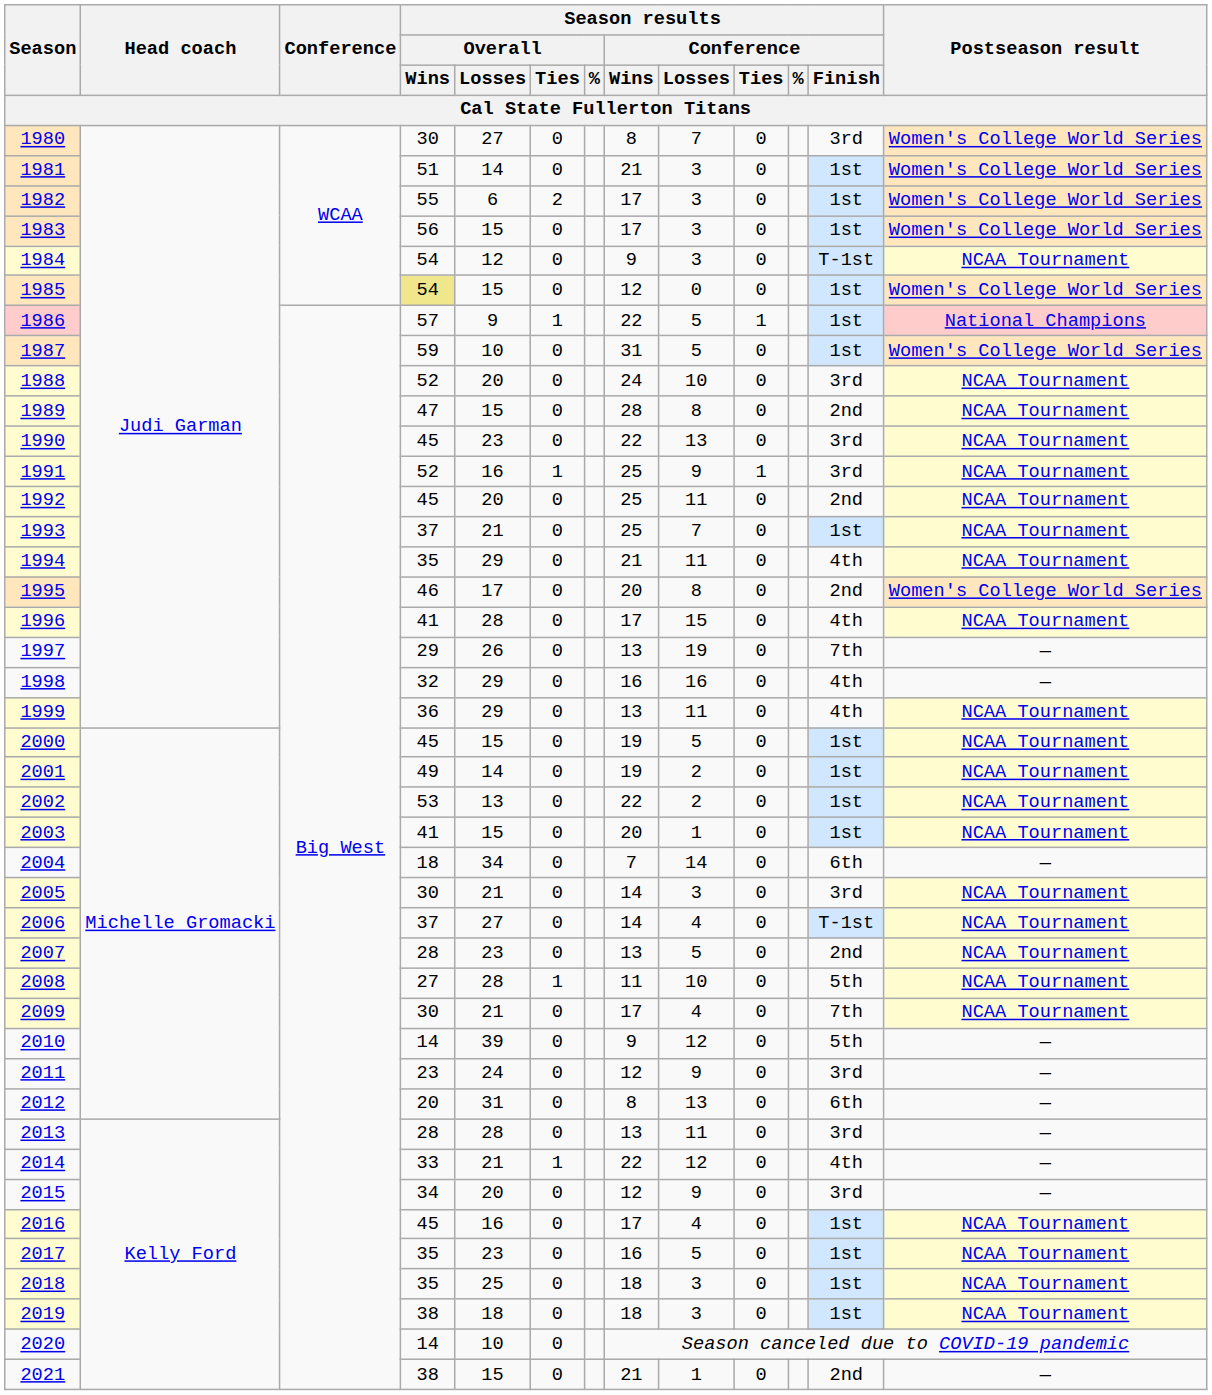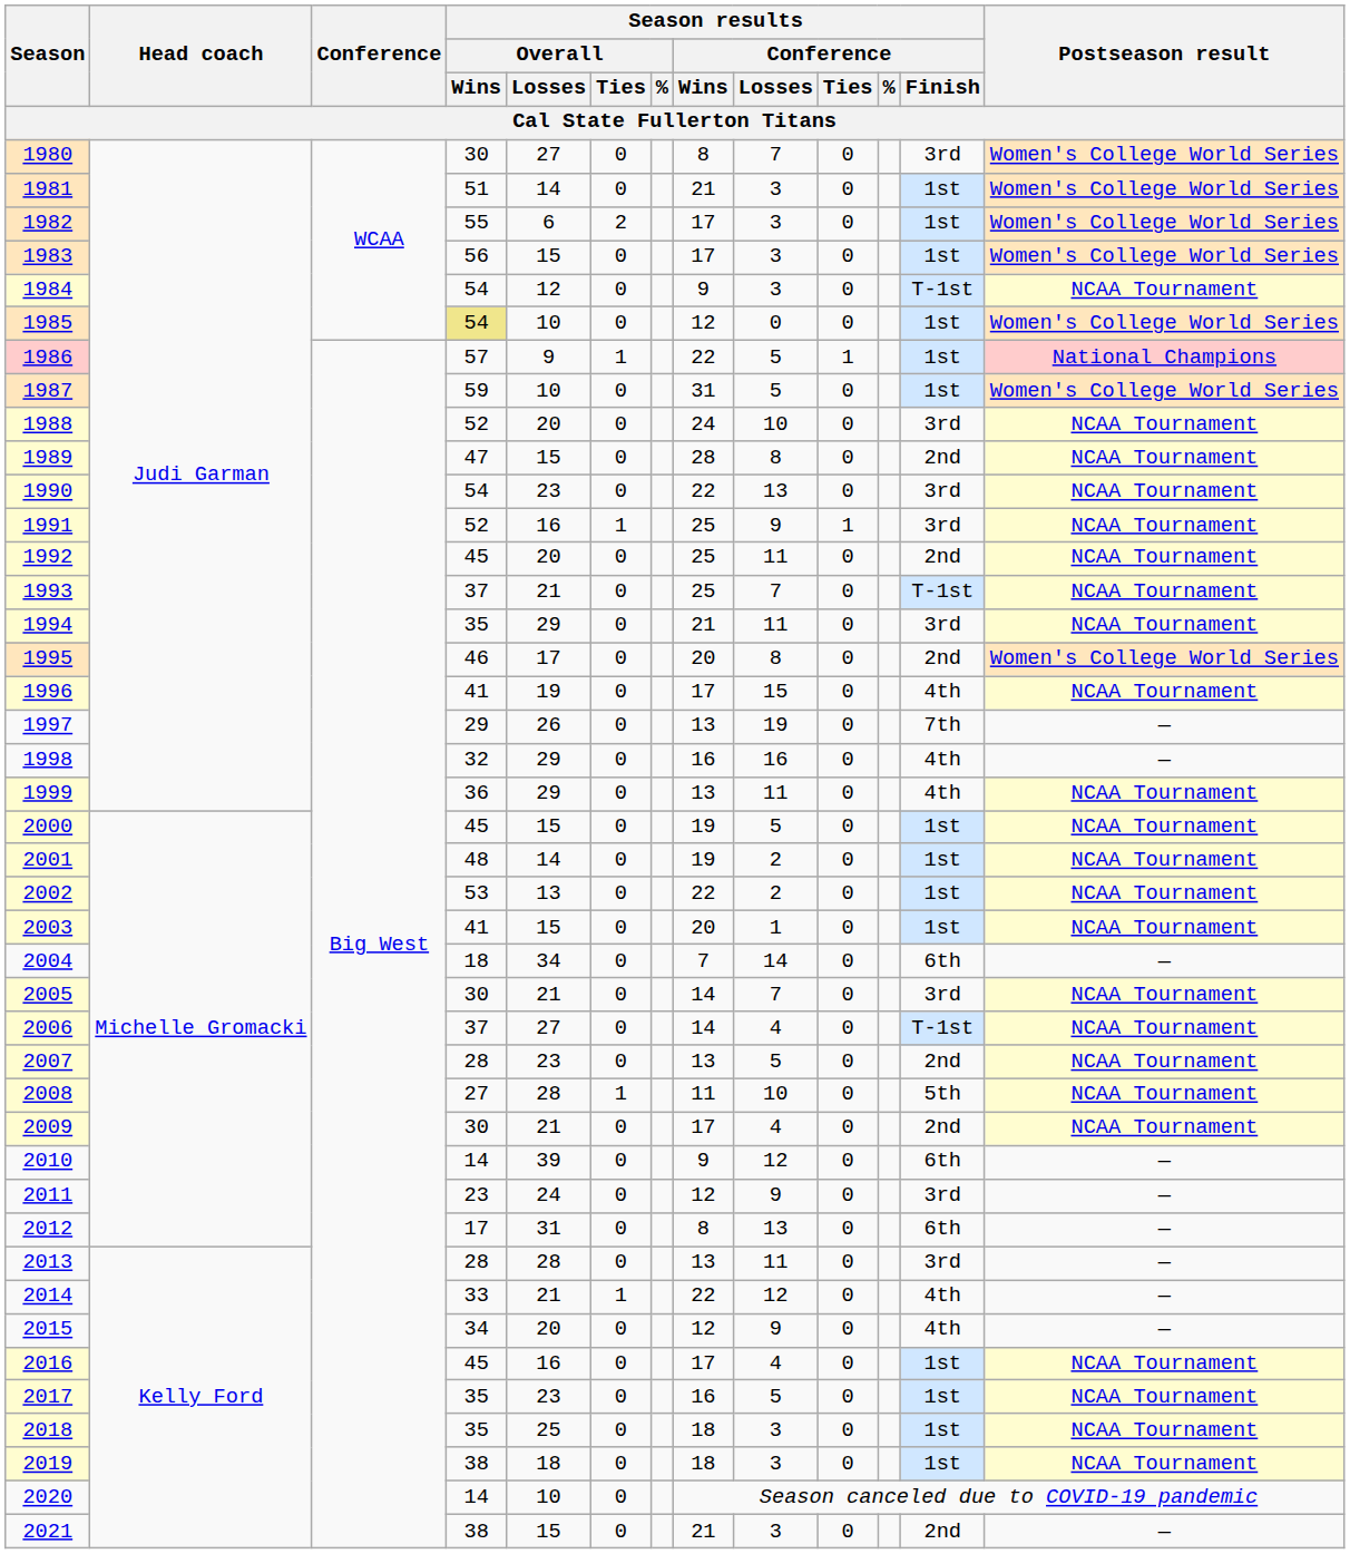 <table class="wikitable" style="font-size: 95%; text-align:center;">
 <tr>
 <th rowspan="3">Season</th>
 <th rowspan="3">Head coach</th>
 <th rowspan="3">Conference</th>
 <th colspan="9">Season results</th>
 <th rowspan="3">Postseason result<br></th>
 </tr>
 <tr>
 <th colspan="4">Overall</th>
 <th colspan="5">Conference</th>
 </tr>
 <tr>
 <th>Wins</th>
 <th>Losses</th>
 <th>Ties</th>
 <th>%</th>
 <th>Wins</th>
 <th>Losses</th>
 <th>Ties</th>
 <th>%</th>
 <th>Finish</th>
 </tr>
 <tr>
 <th colspan=14>Cal State Fullerton Titans</th>
 </tr>
 <tr>
 <td bgcolor="#FFE6BD"><a href='#'>1980</a></td>
 <td rowspan=20><a href='#'>Judi Garman</a></td>
 <td rowspan=6><a href='#'>WCAA</a></td>
 <td>30</td>
 <td>27</td>
 <td>0</td>
 <td></td>
 <td>8</td>
 <td>7</td>
 <td>0</td>
 <td></td>
 <td>3rd</td>
 <td bgcolor="#FFE6BD"><a href='#'>Women's College World Series</a></td>
 </tr>
 <tr>
 <td bgcolor="#FFE6BD"><a href='#'>1981</a></td>
 <td>51</td>
 <td>14</td>
 <td>0</td>
 <td></td>
 <td>21</td>
 <td>3</td>
 <td>0</td>
 <td></td>
 <td bgcolor="#D0E7FF">1st</td>
 <td bgcolor="#FFE6BD"><a href='#'>Women's College World Series</a></td>
 </tr>
 <tr>
 <td bgcolor="#FFE6BD"><a href='#'>1982</a></td>
 <td>55</td>
 <td>6</td>
 <td>2</td>
 <td></td>
 <td>17</td>
 <td>3</td>
 <td>0</td>
 <td></td>
 <td bgcolor="#D0E7FF">1st</td>
 <td bgcolor="#FFE6BD"><a href='#'>Women's College World Series</a></td>
 </tr>
 <tr>
 <td bgcolor="#FFE6BD"><a href='#'>1983</a></td>
 <td>56</td>
 <td>15</td>
 <td>0</td>
 <td></td>
 <td>17</td>
 <td>3</td>
 <td>0</td>
 <td></td>
 <td bgcolor="#D0E7FF">1st</td>
 <td bgcolor="#FFE6BD"><a href='#'>Women's College World Series</a></td>
 </tr>
 <tr>
 <td bgcolor="#FFFDD0"><a href='#'>1984</a></td>
 <td>54</td>
 <td>12</td>
 <td>0</td>
 <td></td>
 <td>9</td>
 <td>3</td>
 <td>0</td>
 <td></td>
 <td bgcolor="#D0E7FF">T-1st</td>
 <td bgcolor="#FFFDD0"><a href='#'>NCAA Tournament</a></td>
 </tr>
 <tr>
 <td bgcolor="#FFE6BD"><a href='#'>1985</a></td>
 <td style="background: khaki;">54</td>
-<td>15</td>
+<td>10</td>
 <td>0</td>
 <td></td>
 <td>12</td>
 <td>0</td>
 <td>0</td>
 <td></td>
 <td bgcolor="#D0E7FF">1st</td>
 <td bgcolor="#FFE6BD"><a href='#'>Women's College World Series</a></td>
 </tr>
 <tr>
 <td bgcolor="#FFCCCC"><a href='#'>1986</a></td>
 <td rowspan=36><a href='#'>Big West</a></td>
 <td>57</td>
 <td>9</td>
 <td>1</td>
 <td></td>
 <td>22</td>
 <td>5</td>
 <td>1</td>
 <td></td>
 <td bgcolor="#D0E7FF">1st</td>
 <td bgcolor="#FFCCCC"><a href='#'>National Champions</a></td>
 </tr>
 <tr>
 <td bgcolor="#FFE6BD"><a href='#'>1987</a></td>
 <td>59</td>
 <td>10</td>
 <td>0</td>
 <td></td>
 <td>31</td>
 <td>5</td>
 <td>0</td>
 <td></td>
 <td bgcolor="#D0E7FF">1st</td>
 <td bgcolor="#FFE6BD"><a href='#'>Women's College World Series</a></td>
 </tr>
 <tr>
 <td bgcolor="#FFFDD0"><a href='#'>1988</a></td>
 <td>52</td>
 <td>20</td>
 <td>0</td>
 <td></td>
 <td>24</td>
 <td>10</td>
 <td>0</td>
 <td></td>
 <td>3rd</td>
 <td bgcolor="#FFFDD0"><a href='#'>NCAA Tournament</a></td>
 </tr>
 <tr>
 <td bgcolor="#FFFDD0"><a href='#'>1989</a></td>
 <td>47</td>
 <td>15</td>
 <td>0</td>
 <td></td>
 <td>28</td>
 <td>8</td>
 <td>0</td>
 <td></td>
 <td>2nd</td>
 <td bgcolor="#FFFDD0"><a href='#'>NCAA Tournament</a></td>
 </tr>
 <tr>
 <td bgcolor="#FFFDD0"><a href='#'>1990</a></td>
-<td>45</td>
+<td>54</td>
 <td>23</td>
 <td>0</td>
 <td></td>
 <td>22</td>
 <td>13</td>
 <td>0</td>
 <td></td>
 <td>3rd</td>
 <td bgcolor="#FFFDD0"><a href='#'>NCAA Tournament</a></td>
 </tr>
 <tr>
 <td bgcolor="#FFFDD0"><a href='#'>1991</a></td>
 <td>52</td>
 <td>16</td>
 <td>1</td>
 <td></td>
 <td>25</td>
 <td>9</td>
 <td>1</td>
 <td></td>
 <td>3rd</td>
 <td bgcolor="#FFFDD0"><a href='#'>NCAA Tournament</a></td>
 </tr>
 <tr>
 <td bgcolor="#FFFDD0"><a href='#'>1992</a></td>
 <td>45</td>
 <td>20</td>
 <td>0</td>
 <td></td>
 <td>25</td>
 <td>11</td>
 <td>0</td>
 <td></td>
 <td>2nd</td>
 <td bgcolor="#FFFDD0"><a href='#'>NCAA Tournament</a></td>
 </tr>
 <tr>
 <td bgcolor="#FFFDD0"><a href='#'>1993</a></td>
 <td>37</td>
 <td>21</td>
 <td>0</td>
 <td></td>
 <td>25</td>
 <td>7</td>
 <td>0</td>
 <td></td>
-<td bgcolor="#D0E7FF">1st</td>
+<td bgcolor="#D0E7FF">T-1st</td>
 <td bgcolor="#FFFDD0"><a href='#'>NCAA Tournament</a></td>
 </tr>
 <tr>
 <td bgcolor="#FFFDD0"><a href='#'>1994</a></td>
 <td>35</td>
 <td>29</td>
 <td>0</td>
 <td></td>
 <td>21</td>
 <td>11</td>
 <td>0</td>
 <td></td>
-<td>4th</td>
+<td>3rd</td>
 <td bgcolor="#FFFDD0"><a href='#'>NCAA Tournament</a></td>
 </tr>
 <tr>
 <td bgcolor="#FFE6BD"><a href='#'>1995</a></td>
 <td>46</td>
 <td>17</td>
 <td>0</td>
 <td></td>
 <td>20</td>
 <td>8</td>
 <td>0</td>
 <td></td>
 <td>2nd</td>
 <td bgcolor="#FFE6BD"><a href='#'>Women's College World Series</a></td>
 </tr>
 <tr>
 <td bgcolor="#FFFDD0"><a href='#'>1996</a></td>
 <td>41</td>
-<td>28</td>
+<td>19</td>
 <td>0</td>
 <td></td>
 <td>17</td>
 <td>15</td>
 <td>0</td>
 <td></td>
 <td>4th</td>
 <td bgcolor="#FFFDD0"><a href='#'>NCAA Tournament</a></td>
 </tr>
 <tr>
 <td><a href='#'>1997</a></td>
 <td>29</td>
 <td>26</td>
 <td>0</td>
 <td></td>
 <td>13</td>
 <td>19</td>
 <td>0</td>
 <td></td>
 <td>7th</td>
 <td>—</td>
 </tr>
 <tr>
 <td><a href='#'>1998</a></td>
 <td>32</td>
 <td>29</td>
 <td>0</td>
 <td></td>
 <td>16</td>
 <td>16</td>
 <td>0</td>
 <td></td>
 <td>4th</td>
 <td>—</td>
 </tr>
 <tr>
 <td bgcolor="#FFFDD0"><a href='#'>1999</a></td>
 <td>36</td>
 <td>29</td>
 <td>0</td>
 <td></td>
 <td>13</td>
 <td>11</td>
 <td>0</td>
 <td></td>
 <td>4th</td>
 <td bgcolor="#FFFDD0"><a href='#'>NCAA Tournament</a></td>
 </tr>
 <tr>
 <td bgcolor="#FFFDD0"><a href='#'>2000</a></td>
 <td rowspan=13><a href='#'>Michelle Gromacki</a></td>
 <td>45</td>
 <td>15</td>
 <td>0</td>
 <td></td>
 <td>19</td>
 <td>5</td>
 <td>0</td>
 <td></td>
 <td bgcolor="#D0E7FF">1st</td>
 <td bgcolor="#FFFDD0"><a href='#'>NCAA Tournament</a></td>
 </tr>
 <tr>
 <td bgcolor="#FFFDD0"><a href='#'>2001</a></td>
-<td>49</td>
+<td>48</td>
 <td>14</td>
 <td>0</td>
 <td></td>
 <td>19</td>
 <td>2</td>
 <td>0</td>
 <td></td>
 <td bgcolor="#D0E7FF">1st</td>
 <td bgcolor="#FFFDD0"><a href='#'>NCAA Tournament</a></td>
 </tr>
 <tr>
 <td bgcolor="#FFFDD0"><a href='#'>2002</a></td>
 <td>53</td>
 <td>13</td>
 <td>0</td>
 <td></td>
 <td>22</td>
 <td>2</td>
 <td>0</td>
 <td></td>
 <td bgcolor="#D0E7FF">1st</td>
 <td bgcolor="#FFFDD0"><a href='#'>NCAA Tournament</a></td>
 </tr>
 <tr>
 <td bgcolor="#FFFDD0"><a href='#'>2003</a></td>
 <td>41</td>
 <td>15</td>
 <td>0</td>
 <td></td>
 <td>20</td>
 <td>1</td>
 <td>0</td>
 <td></td>
 <td bgcolor="#D0E7FF">1st</td>
 <td bgcolor="#FFFDD0"><a href='#'>NCAA Tournament</a></td>
 </tr>
 <tr>
 <td><a href='#'>2004</a></td>
 <td>18</td>
 <td>34</td>
 <td>0</td>
 <td></td>
 <td>7</td>
 <td>14</td>
 <td>0</td>
 <td></td>
 <td>6th</td>
 <td>—</td>
 </tr>
 <tr>
 <td bgcolor="#FFFDD0"><a href='#'>2005</a></td>
 <td>30</td>
 <td>21</td>
 <td>0</td>
 <td></td>
 <td>14</td>
-<td>3</td>
+<td>7</td>
 <td>0</td>
 <td></td>
 <td>3rd</td>
 <td bgcolor="#FFFDD0"><a href='#'>NCAA Tournament</a></td>
 </tr>
 <tr>
 <td bgcolor="#FFFDD0"><a href='#'>2006</a></td>
 <td>37</td>
 <td>27</td>
 <td>0</td>
 <td></td>
 <td>14</td>
 <td>4</td>
 <td>0</td>
 <td></td>
 <td bgcolor="#D0E7FF">T-1st</td>
 <td bgcolor="#FFFDD0"><a href='#'>NCAA Tournament</a></td>
 </tr>
 <tr>
 <td bgcolor="#FFFDD0"><a href='#'>2007</a></td>
 <td>28</td>
 <td>23</td>
 <td>0</td>
 <td></td>
 <td>13</td>
 <td>5</td>
 <td>0</td>
 <td></td>
 <td>2nd</td>
 <td bgcolor="#FFFDD0"><a href='#'>NCAA Tournament</a></td>
 </tr>
 <tr>
 <td bgcolor="#FFFDD0"><a href='#'>2008</a></td>
 <td>27</td>
 <td>28</td>
 <td>1</td>
 <td></td>
 <td>11</td>
 <td>10</td>
 <td>0</td>
 <td></td>
 <td>5th</td>
 <td bgcolor="#FFFDD0"><a href='#'>NCAA Tournament</a></td>
 </tr>
 <tr>
 <td bgcolor="#FFFDD0"><a href='#'>2009</a></td>
 <td>30</td>
 <td>21</td>
 <td>0</td>
 <td></td>
 <td>17</td>
 <td>4</td>
 <td>0</td>
 <td></td>
-<td>7th</td>
+<td>2nd</td>
 <td bgcolor="#FFFDD0"><a href='#'>NCAA Tournament</a></td>
 </tr>
 <tr>
 <td><a href='#'>2010</a></td>
 <td>14</td>
 <td>39</td>
 <td>0</td>
 <td></td>
 <td>9</td>
 <td>12</td>
 <td>0</td>
 <td></td>
-<td>5th</td>
+<td>6th</td>
 <td>—</td>
 </tr>
 <tr>
 <td><a href='#'>2011</a></td>
 <td>23</td>
 <td>24</td>
 <td>0</td>
 <td></td>
 <td>12</td>
 <td>9</td>
 <td>0</td>
 <td></td>
 <td>3rd</td>
 <td>—</td>
 </tr>
 <tr>
 <td><a href='#'>2012</a></td>
-<td>20</td>
+<td>17</td>
 <td>31</td>
 <td>0</td>
 <td></td>
 <td>8</td>
 <td>13</td>
 <td>0</td>
 <td></td>
 <td>6th</td>
 <td>—</td>
 </tr>
 <tr>
 <td><a href='#'>2013</a></td>
 <td rowspan=9><a href='#'>Kelly Ford</a></td>
 <td>28</td>
 <td>28</td>
 <td>0</td>
 <td></td>
 <td>13</td>
 <td>11</td>
 <td>0</td>
 <td></td>
 <td>3rd</td>
 <td>—</td>
 </tr>
 <tr>
 <td><a href='#'>2014</a></td>
 <td>33</td>
 <td>21</td>
 <td>1</td>
 <td></td>
 <td>22</td>
 <td>12</td>
 <td>0</td>
 <td></td>
 <td>4th</td>
 <td>—</td>
 </tr>
 <tr>
 <td><a href='#'>2015</a></td>
 <td>34</td>
 <td>20</td>
 <td>0</td>
 <td></td>
 <td>12</td>
 <td>9</td>
 <td>0</td>
 <td></td>
-<td>3rd</td>
+<td>4th</td>
 <td>—</td>
 </tr>
 <tr>
 <td bgcolor="#FFFDD0"><a href='#'>2016</a></td>
 <td>45</td>
 <td>16</td>
 <td>0</td>
 <td></td>
 <td>17</td>
 <td>4</td>
 <td>0</td>
 <td></td>
 <td bgcolor="#D0E7FF">1st</td>
 <td bgcolor="#FFFDD0"><a href='#'>NCAA Tournament</a></td>
 </tr>
 <tr>
 <td bgcolor="#FFFDD0"><a href='#'>2017</a></td>
 <td>35</td>
 <td>23</td>
 <td>0</td>
 <td></td>
 <td>16</td>
 <td>5</td>
 <td>0</td>
 <td></td>
 <td bgcolor="#D0E7FF">1st</td>
 <td bgcolor="#FFFDD0"><a href='#'>NCAA Tournament</a></td>
 </tr>
 <tr>
 <td bgcolor="#FFFDD0"><a href='#'>2018</a></td>
 <td>35</td>
 <td>25</td>
 <td>0</td>
 <td></td>
 <td>18</td>
 <td>3</td>
 <td>0</td>
 <td></td>
 <td bgcolor="#D0E7FF">1st</td>
 <td bgcolor="#FFFDD0"><a href='#'>NCAA Tournament</a></td>
 </tr>
 <tr>
 <td bgcolor="#FFFDD0"><a href='#'>2019</a></td>
 <td>38</td>
 <td>18</td>
 <td>0</td>
 <td></td>
 <td>18</td>
 <td>3</td>
 <td>0</td>
 <td></td>
 <td bgcolor="#D0E7FF">1st</td>
 <td bgcolor="#FFFDD0"><a href='#'>NCAA Tournament</a></td>
 </tr>
 <tr>
 <td><a href='#'>2020</a></td>
 <td>14</td>
 <td>10</td>
 <td>0</td>
 <td></td>
 <td colspan=7><em>Season canceled due to <a href='#'>COVID-19 pandemic</a></em></td>
 </tr>
 <tr>
 <td><a href='#'>2021</a></td>
 <td>38</td>
 <td>15</td>
 <td>0</td>
 <td></td>
 <td>21</td>
-<td>1</td>
+<td>3</td>
 <td>0</td>
 <td></td>
 <td>2nd</td>
 <td>—</td>
 </tr>
 </table>
